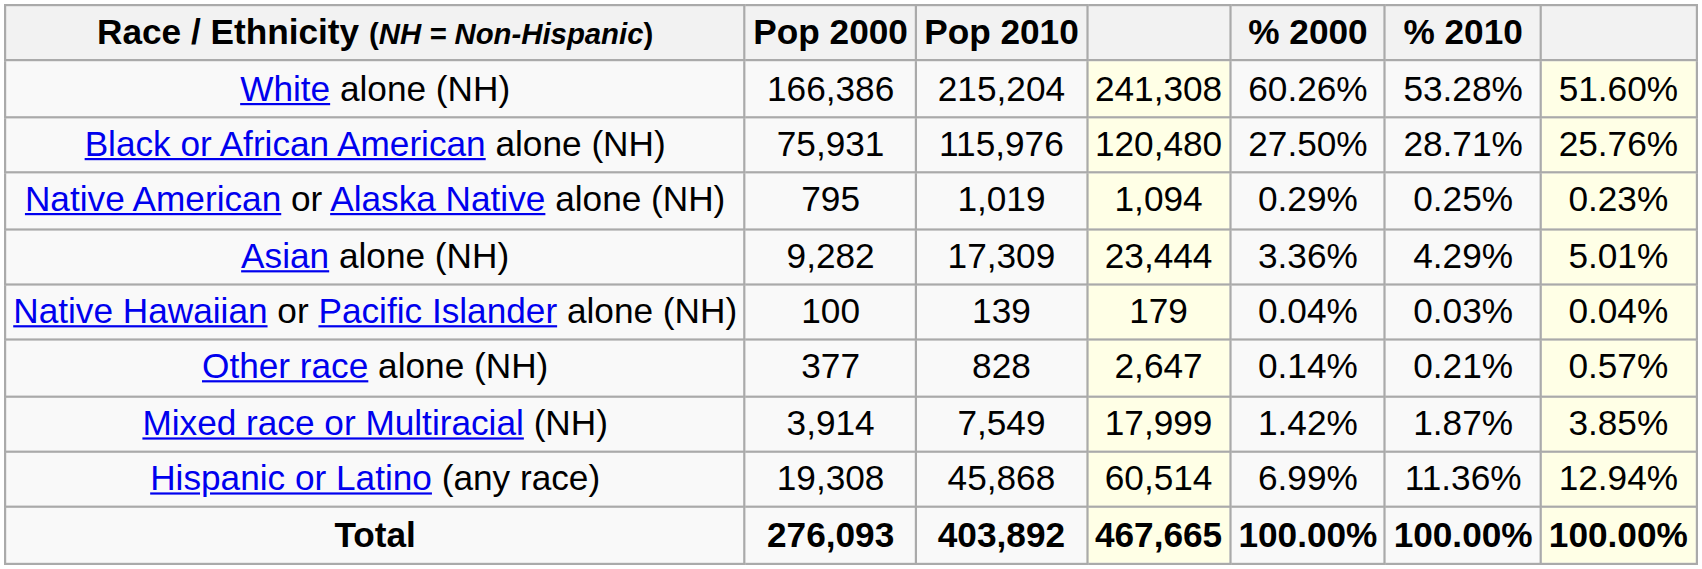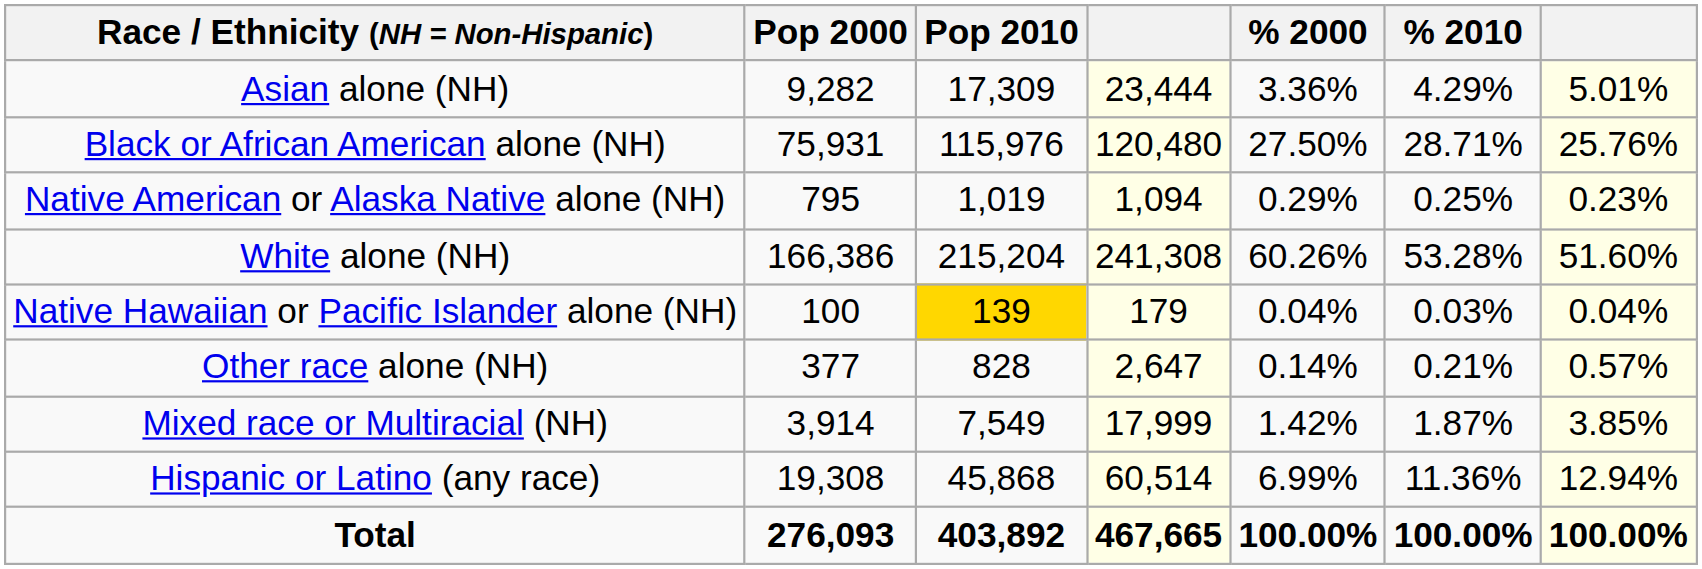 <table class="wikitable" style="text-align:center;">
 <tr>
 <th>Race / Ethnicity <small>(<em>NH = Non-Hispanic</em>)</small></th>
 <th>Pop 2000</th>
 <th>Pop 2010</th>
 <th></th>
 <th>% 2000</th>
 <th>% 2010</th>
 <th></th>
 </tr>
 <tr>
-<td><a href='#'>White</a> alone (NH)</td>
-<td>166,386</td>
-<td>215,204</td>
-<td style='background: #ffffe6;'>241,308</td>
-<td>60.26%</td>
-<td>53.28%</td>
-<td style='background: #ffffe6;'>51.60%</td>
+<td><a href='#'>Asian</a> alone (NH)</td>
+<td>9,282</td>
+<td>17,309</td>
+<td style='background: #ffffe6;'>23,444</td>
+<td>3.36%</td>
+<td>4.29%</td>
+<td style='background: #ffffe6;'>5.01%</td>
 </tr>
 <tr>
 <td><a href='#'>Black or African American</a> alone (NH)</td>
 <td>75,931</td>
 <td>115,976</td>
 <td style='background: #ffffe6;'>120,480</td>
 <td>27.50%</td>
 <td>28.71%</td>
 <td style='background: #ffffe6;'>25.76%</td>
 </tr>
 <tr>
 <td><a href='#'>Native American</a> or <a href='#'>Alaska Native</a> alone (NH)</td>
 <td>795</td>
 <td>1,019</td>
 <td style='background: #ffffe6;'>1,094</td>
 <td>0.29%</td>
 <td>0.25%</td>
 <td style='background: #ffffe6;'>0.23%</td>
 </tr>
 <tr>
-<td><a href='#'>Asian</a> alone (NH)</td>
-<td>9,282</td>
-<td>17,309</td>
-<td style='background: #ffffe6;'>23,444</td>
-<td>3.36%</td>
-<td>4.29%</td>
-<td style='background: #ffffe6;'>5.01%</td>
+<td><a href='#'>White</a> alone (NH)</td>
+<td>166,386</td>
+<td>215,204</td>
+<td style='background: #ffffe6;'>241,308</td>
+<td>60.26%</td>
+<td>53.28%</td>
+<td style='background: #ffffe6;'>51.60%</td>
 </tr>
 <tr>
 <td><a href='#'>Native Hawaiian</a> or <a href='#'>Pacific Islander</a> alone (NH)</td>
 <td>100</td>
-<td>139</td>
+<td style="background: gold;">139</td>
 <td style='background: #ffffe6;'>179</td>
 <td>0.04%</td>
 <td>0.03%</td>
 <td style='background: #ffffe6;'>0.04%</td>
 </tr>
 <tr>
 <td><a href='#'>Other race</a> alone (NH)</td>
 <td>377</td>
 <td>828</td>
 <td style='background: #ffffe6;'>2,647</td>
 <td>0.14%</td>
 <td>0.21%</td>
 <td style='background: #ffffe6;'>0.57%</td>
 </tr>
 <tr>
 <td><a href='#'>Mixed race or Multiracial</a> (NH)</td>
 <td>3,914</td>
 <td>7,549</td>
 <td style='background: #ffffe6;'>17,999</td>
 <td>1.42%</td>
 <td>1.87%</td>
 <td style='background: #ffffe6;'>3.85%</td>
 </tr>
 <tr>
 <td><a href='#'>Hispanic or Latino</a> (any race)</td>
 <td>19,308</td>
 <td>45,868</td>
 <td style='background: #ffffe6;'>60,514</td>
 <td>6.99%</td>
 <td>11.36%</td>
 <td style='background: #ffffe6;'>12.94%</td>
 </tr>
 <tr>
 <td><strong>Total</strong></td>
 <td><strong>276,093</strong></td>
 <td><strong>403,892</strong></td>
 <td style='background: #ffffe6;'><strong>467,665</strong></td>
 <td><strong>100.00%</strong></td>
 <td><strong>100.00%</strong></td>
 <td style='background: #ffffe6;'><strong>100.00%</strong></td>
 </tr>
 </table>
